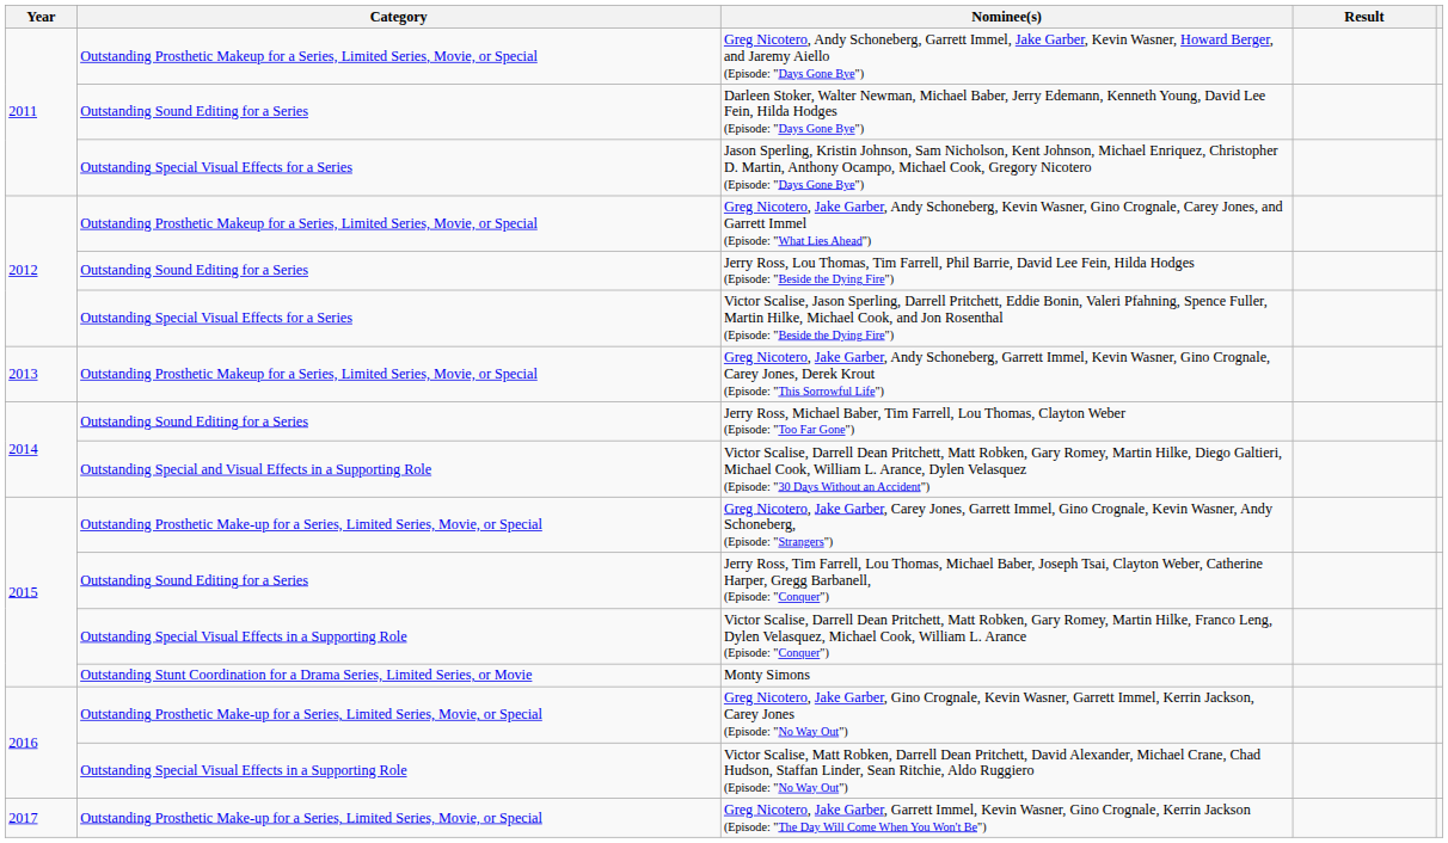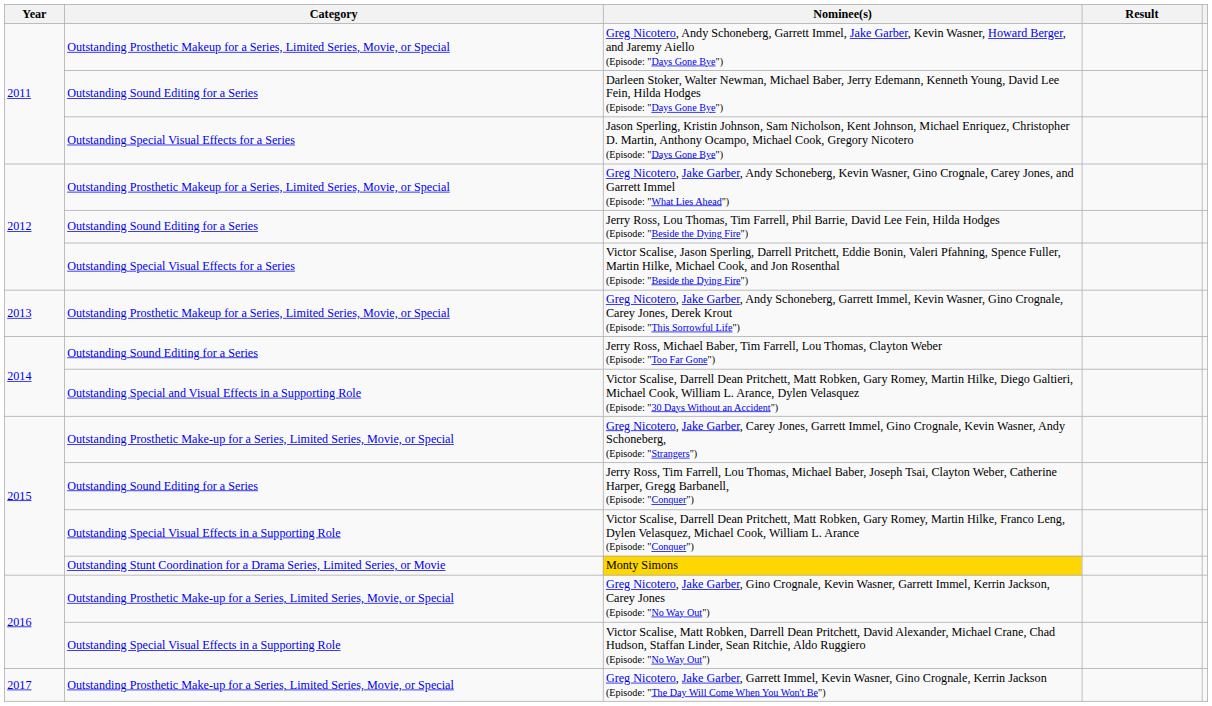 <table class="wikitable" width=100%>
 <tr>
 <th width=5%>Year</th>
 <th width=45%>Category</th>
 <th width=40%>Nominee(s)</th>
 <th width=10%>Result</th>
 <th width=5%></th>
 </tr>
 <tr>
 <td rowspan=3><a href='#'>2011</a></td>
 <td><a href='#'>Outstanding Prosthetic Makeup for a Series, Limited Series, Movie, or Special</a></td>
 <td><a href='#'>Greg Nicotero</a>, Andy Schoneberg, Garrett Immel, <a href='#'>Jake Garber</a>, Kevin Wasner, <a href='#'>Howard Berger</a>, and Jaremy Aiello <br><small> (Episode: "<a href='#'>Days Gone Bye</a>") </small></td>
 <td></td>
 <td></td>
 </tr>
 <tr>
 <td><a href='#'>Outstanding Sound Editing for a Series</a></td>
 <td>Darleen Stoker, Walter Newman, Michael Baber, Jerry Edemann, Kenneth Young, David Lee Fein, Hilda Hodges <br><small> (Episode: "<a href='#'>Days Gone Bye</a>") </small></td>
 <td></td>
 <td></td>
 </tr>
 <tr>
 <td><a href='#'>Outstanding Special Visual Effects for a Series</a></td>
 <td>Jason Sperling, Kristin Johnson, Sam Nicholson, Kent Johnson, Michael Enriquez, Christopher D. Martin, Anthony Ocampo, Michael Cook, Gregory Nicotero  <br><small> (Episode: "<a href='#'>Days Gone Bye</a>") </small></td>
 <td></td>
 <td></td>
 </tr>
 <tr>
 <td rowspan=3><a href='#'>2012</a></td>
 <td><a href='#'>Outstanding Prosthetic Makeup for a Series, Limited Series, Movie, or Special</a></td>
 <td><a href='#'>Greg Nicotero</a>, <a href='#'>Jake Garber</a>, Andy Schoneberg, Kevin Wasner, Gino Crognale, Carey Jones, and Garrett Immel <br><small> (Episode: "<a href='#'>What Lies Ahead</a>") </small></td>
 <td></td>
 <td></td>
 </tr>
 <tr>
 <td><a href='#'>Outstanding Sound Editing for a Series</a></td>
 <td>Jerry Ross, Lou Thomas, Tim Farrell, Phil Barrie, David Lee Fein, Hilda Hodges <br><small> (Episode: "<a href='#'>Beside the Dying Fire</a>") </small></td>
 <td></td>
 <td></td>
 </tr>
 <tr>
 <td><a href='#'>Outstanding Special Visual Effects for a Series</a></td>
 <td>Victor Scalise, Jason Sperling, Darrell Pritchett, Eddie Bonin, Valeri Pfahning, Spence Fuller, Martin Hilke, Michael Cook, and Jon Rosenthal <small><br>(Episode: "<a href='#'>Beside the Dying Fire</a>") </small></td>
 <td></td>
 <td></td>
 </tr>
 <tr>
 <td><a href='#'>2013</a></td>
 <td><a href='#'>Outstanding Prosthetic Makeup for a Series, Limited Series, Movie, or Special</a></td>
 <td><a href='#'>Greg Nicotero</a>, <a href='#'>Jake Garber</a>, Andy Schoneberg, Garrett Immel, Kevin Wasner, Gino Crognale, Carey Jones, Derek Krout <small><br>(Episode: "<a href='#'>This Sorrowful Life</a>") </small></td>
 <td></td>
 <td></td>
 </tr>
 <tr>
 <td rowspan=2><a href='#'>2014</a></td>
 <td><a href='#'>Outstanding Sound Editing for a Series</a></td>
 <td>Jerry Ross, Michael Baber, Tim Farrell, Lou Thomas, Clayton Weber <small><br>(Episode: "<a href='#'>Too Far Gone</a>") </small></td>
 <td></td>
 <td></td>
 </tr>
 <tr>
 <td><a href='#'>Outstanding Special and Visual Effects in a Supporting Role</a></td>
 <td>Victor Scalise, Darrell Dean Pritchett, Matt Robken, Gary Romey, Martin Hilke, Diego Galtieri, Michael Cook, William L. Arance, Dylen Velasquez <small><br>(Episode: "<a href='#'>30 Days Without an Accident</a>") </small></td>
 <td></td>
 <td></td>
 </tr>
 <tr>
 <td rowspan=4><a href='#'>2015</a></td>
 <td><a href='#'>Outstanding Prosthetic Make-up for a Series, Limited Series, Movie, or Special</a></td>
 <td><a href='#'>Greg Nicotero</a>, <a href='#'>Jake Garber</a>, Carey Jones, Garrett Immel, Gino Crognale, Kevin Wasner, Andy Schoneberg, <small><br>(Episode: "<a href='#'>Strangers</a>") </small></td>
 <td></td>
 <td></td>
 </tr>
 <tr>
 <td><a href='#'>Outstanding Sound Editing for a Series</a></td>
 <td>Jerry Ross, Tim Farrell, Lou Thomas, Michael Baber, Joseph Tsai, Clayton Weber, Catherine Harper, Gregg Barbanell,<small><br>(Episode: "<a href='#'>Conquer</a>") </small></td>
 <td></td>
 <td></td>
 </tr>
 <tr>
 <td><a href='#'>Outstanding Special Visual Effects in a Supporting Role</a></td>
 <td>Victor Scalise, Darrell Dean Pritchett, Matt Robken, Gary Romey, Martin Hilke, Franco Leng, Dylen Velasquez, Michael Cook, William L. Arance<small><br>(Episode: "<a href='#'>Conquer</a>") </small></td>
 <td></td>
 <td></td>
 </tr>
 <tr>
 <td><a href='#'>Outstanding Stunt Coordination for a Drama Series, Limited Series, or Movie</a></td>
-<td>Monty Simons</td>
+<td style="background: gold;">Monty Simons</td>
 <td></td>
 <td></td>
 </tr>
 <tr>
 <td rowspan=2><a href='#'>2016</a></td>
 <td><a href='#'>Outstanding Prosthetic Make-up for a Series, Limited Series, Movie, or Special</a></td>
 <td><a href='#'>Greg Nicotero</a>, <a href='#'>Jake Garber</a>, Gino Crognale, Kevin Wasner, Garrett Immel, Kerrin Jackson, Carey Jones<small><br>(Episode: "<a href='#'>No Way Out</a>") </small></td>
 <td></td>
 <td></td>
 </tr>
 <tr>
 <td><a href='#'>Outstanding Special Visual Effects in a Supporting Role</a></td>
 <td>Victor Scalise, Matt Robken, Darrell Dean Pritchett, David Alexander, Michael Crane, Chad Hudson, Staffan Linder, Sean Ritchie, Aldo Ruggiero<small><br>(Episode: "<a href='#'>No Way Out</a>") </small></td>
 <td></td>
 <td></td>
 </tr>
 <tr>
 <td><a href='#'>2017</a></td>
 <td><a href='#'>Outstanding Prosthetic Make-up for a Series, Limited Series, Movie, or Special</a></td>
 <td><a href='#'>Greg Nicotero</a>, <a href='#'>Jake Garber</a>, Garrett Immel, Kevin Wasner, Gino Crognale, Kerrin Jackson<br><small>(Episode: "<a href='#'>The Day Will Come When You Won't Be</a>")</small></td>
 <td></td>
 <td></td>
 </tr>
 </table>
